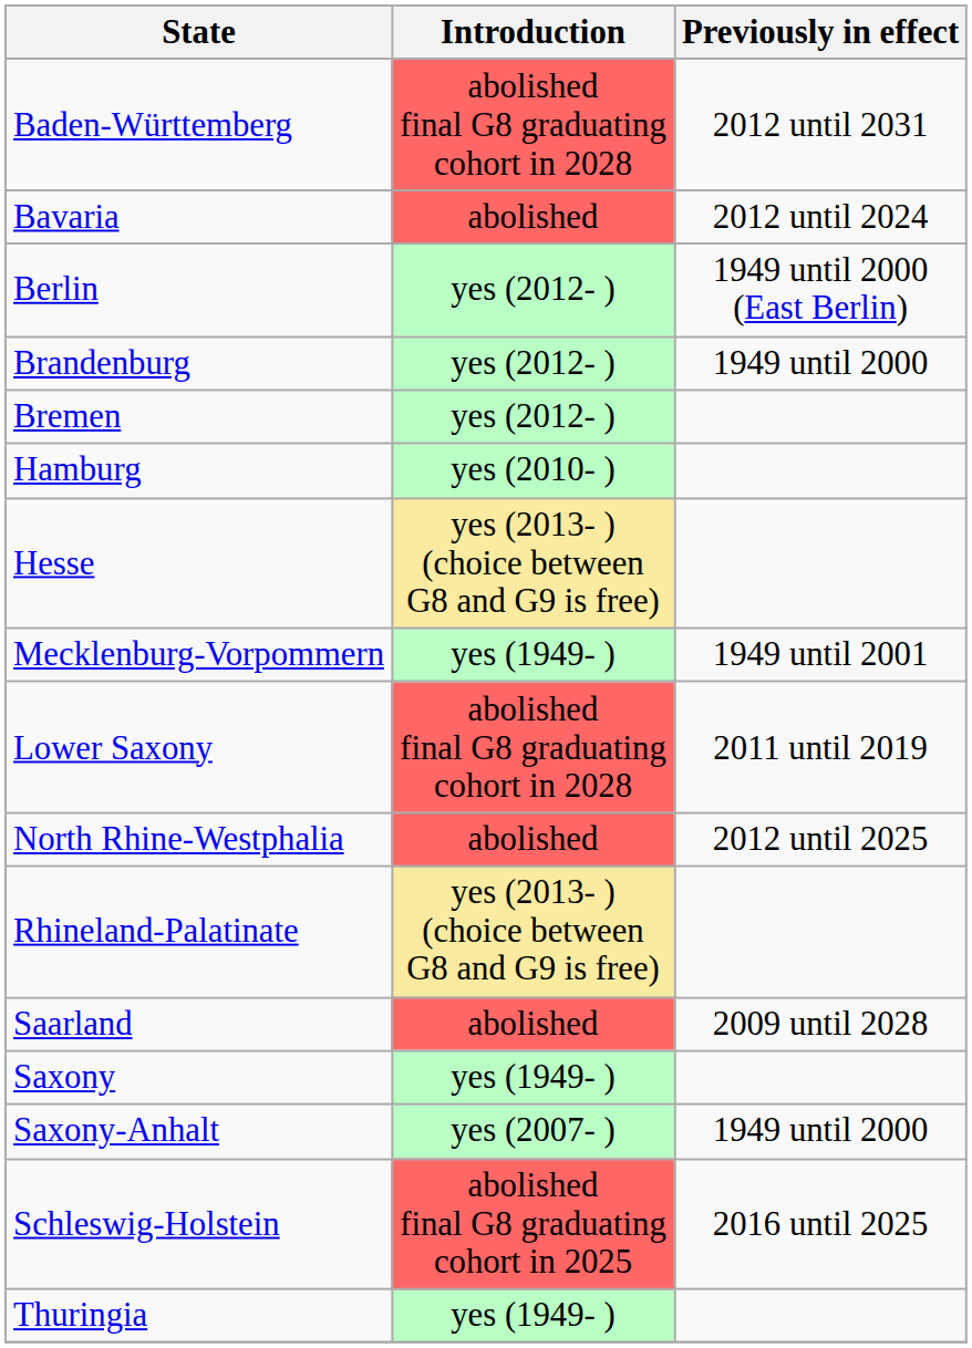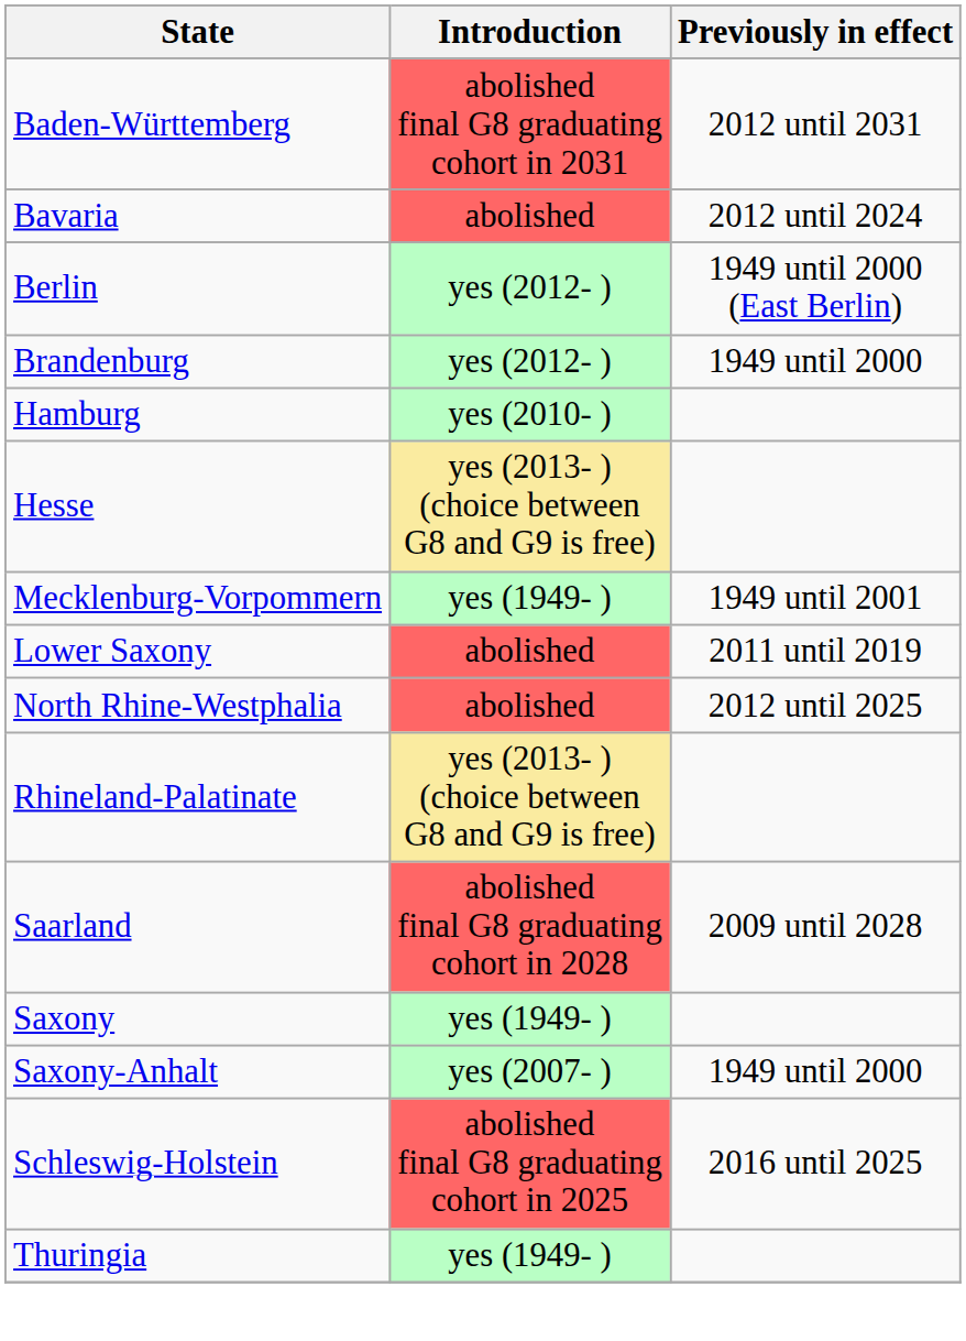 <table class="wikitable" style="text-align: center;">
 <tr>
 <th>State</th>
 <th>Introduction</th>
 <th>Previously in effect</th>
 </tr>
 <tr>
 <td style="text-align: left;"><a href='#'>Baden-Württemberg</a></td>
-<td style="background-color: #ff6666;">abolished<br>final G8 graduating<br> cohort in 2028</td>
+<td style="background-color: #ff6666;">abolished<br>final G8 graduating<br>cohort in 2031</td>
 <td>2012 until 2031</td>
 </tr>
 <tr>
 <td style="text-align: left;"><a href='#'>Bavaria</a></td>
 <td style="background-color: #ff6666;">abolished</td>
 <td>2012 until 2024</td>
 </tr>
 <tr>
 <td style="text-align: left;"><a href='#'>Berlin</a></td>
 <td style="background-color: #b9ffc5;">yes (2012- )</td>
 <td>1949 until 2000 <br>(<a href='#'>East Berlin</a>)</td>
 </tr>
 <tr>
 <td style="text-align: left;"><a href='#'>Brandenburg</a></td>
 <td style="background-color: #b9ffc5;">yes (2012- )</td>
 <td>1949 until 2000</td>
 </tr>
 <tr>
-<td style="text-align: left;"><a href='#'>Bremen</a></td>
-<td style="background-color: #b9ffc5;">yes (2012- )</td>
-<td></td>
-</tr>
-<tr>
 <td style="text-align: left;"><a href='#'>Hamburg</a></td>
 <td style="background-color: #b9ffc5;">yes (2010- )</td>
 <td></td>
 </tr>
 <tr>
 <td style="text-align: left;"><a href='#'>Hesse</a></td>
 <td style="background-color: #faeba0;">yes (2013- )<br>(choice between <br> G8 and G9 is free)</td>
 <td></td>
 </tr>
 <tr>
 <td style="text-align: left;"><a href='#'>Mecklenburg-Vorpommern</a></td>
 <td style="background-color: #b9ffc5;">yes (1949- )</td>
 <td>1949 until 2001</td>
 </tr>
 <tr>
 <td style="text-align: left;"><a href='#'>Lower Saxony</a></td>
-<td style="background-color: #ff6666;">abolished<br>final G8 graduating<br> cohort in 2028</td>
+<td style="background-color: #ff6666;">abolished</td>
 <td>2011 until 2019</td>
 </tr>
 <tr>
 <td style="text-align: left;"><a href='#'>North Rhine-Westphalia</a></td>
 <td style="background-color: #ff6666;">abolished</td>
 <td>2012 until 2025</td>
 </tr>
 <tr>
 <td style="text-align: left;"><a href='#'>Rhineland-Palatinate</a></td>
 <td style="background-color: #faeba0;">yes (2013- )<br>(choice between <br> G8 and G9 is free)</td>
 <td></td>
 </tr>
 <tr>
 <td style="text-align: left;"><a href='#'>Saarland</a></td>
-<td style="background-color: #ff6666;">abolished</td>
+<td style="background-color: #ff6666;">abolished<br>final G8 graduating<br> cohort in 2028</td>
 <td>2009 until 2028</td>
 </tr>
 <tr>
 <td style="text-align: left;"><a href='#'>Saxony</a></td>
 <td style="background-color: #b9ffc5;">yes (1949- )</td>
 <td></td>
 </tr>
 <tr>
 <td style="text-align: left;"><a href='#'>Saxony-Anhalt</a></td>
 <td style="background-color: #b9ffc5;">yes (2007- )</td>
 <td>1949 until 2000</td>
 </tr>
 <tr>
 <td style="text-align: left;"><a href='#'>Schleswig-Holstein</a></td>
 <td style="background-color: #ff6666;">abolished<br>final G8 graduating<br> cohort in 2025</td>
 <td>2016 until 2025</td>
 </tr>
 <tr>
 <td style="text-align: left;"><a href='#'>Thuringia</a></td>
 <td style="background-color: #b9ffc5;">yes (1949- )</td>
 <td></td>
 </tr>
 <tr>
 </tr>
 </table>
